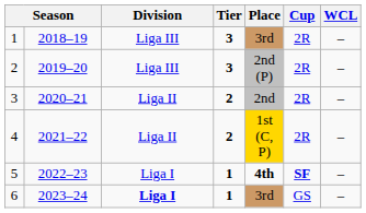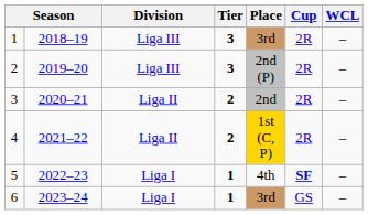 <table class="wikitable" style="text-align:center; font-size:100%">
 <tr>
 <th rowspan=1 colspan=2 style="width: 103px;">Season</th>
 <th style="width: 120px;">Division</th>
 <th style="width: 25px;">Tier</th>
 <th style="width: 35px;">Place</th>
 <th style="width: 35px;"><a href='#'>Cup</a></th>
 <th style="width: 35px;"><a href='#'>WCL</a></th>
 </tr>
 <tr>
 <td>1</td>
 <td><a href='#'>2018–19</a></td>
 <td><a href='#'>Liga III</a></td>
 <td><strong>3</strong></td>
 <td bgcolor=#CC9966>3rd</td>
 <td style="width: 35px;"><a href='#'>2R</a></td>
 <td style="width: 35px;">–</td>
 </tr>
 <tr>
 <td>2</td>
 <td><a href='#'>2019–20</a></td>
 <td><a href='#'>Liga III</a></td>
 <td><strong>3</strong></td>
 <td align=center bgcolor=silver>2nd (P)</td>
 <td style="width: 35px;"><a href='#'>2R</a></td>
 <td style="width: 35px;">–</td>
 </tr>
 <tr>
 <td>3</td>
 <td><a href='#'>2020–21</a></td>
 <td><a href='#'>Liga II</a></td>
 <td><strong>2</strong></td>
 <td align=center bgcolor=silver>2nd</td>
 <td><a href='#'>2R</a></td>
 <td style="width: 35px;">–</td>
 </tr>
 <tr>
 <td>4</td>
 <td><a href='#'>2021–22</a></td>
 <td><a href='#'>Liga II</a></td>
 <td><strong>2</strong></td>
 <td align=center bgcolor=gold>1st (C, P)</td>
 <td><a href='#'>2R</a></td>
 <td style="width: 35px;">–</td>
 </tr>
 <tr>
 <td>5</td>
 <td><a href='#'>2022–23</a></td>
 <td><a href='#'>Liga I</a></td>
 <td><strong>1</strong></td>
-<td><strong>4th</strong></td>
+<td>4th</td>
 <td><strong><a href='#'>SF</a></strong></td>
 <td style="width: 35px;">–</td>
 </tr>
 <tr>
 <td>6</td>
 <td><a href='#'>2023–24</a></td>
-<td><strong><a href='#'>Liga I</a></strong></td>
+<td><a href='#'>Liga I</a></td>
 <td><strong>1</strong></td>
 <td align=center bgcolor=#CC9966>3rd</td>
 <td><a href='#'>GS</a></td>
 <td style="width: 35px;">–</td>
 </tr>
 </table>
